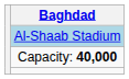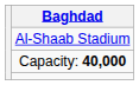 <table class="wikitable" style="text-align:center">
 <tr>
 <th rowspan="4"></th>
 <th><a href='#'>Baghdad</a></th>
 </tr>
 <tr>
-<td style="background: lightblue;"><a href='#'>Al-Shaab Stadium</a></td>
+<td><a href='#'>Al-Shaab Stadium</a></td>
 </tr>
 <tr>
 <td>Capacity: <strong>40,000</strong></td>
 </tr>
 <tr>
 <td></td>
 </tr>
 </table>
